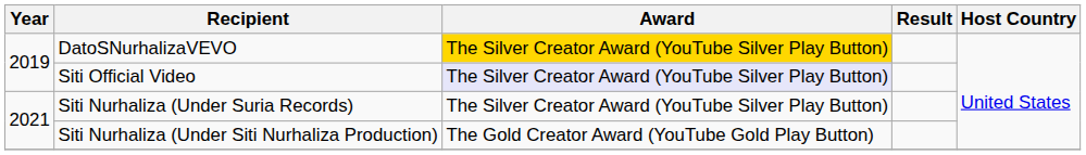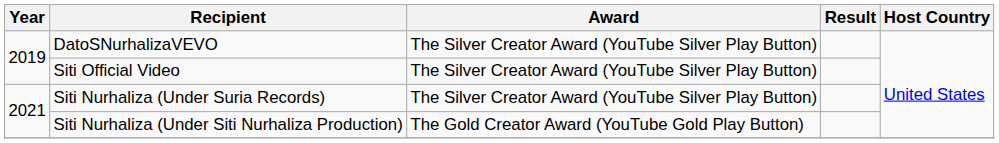 <table class="wikitable">
 <tr>
 <th>Year</th>
 <th>Recipient</th>
 <th>Award</th>
 <th>Result</th>
 <th>Host Country</th>
 </tr>
 <tr>
 <td rowspan="2">2019</td>
 <td rowspan="1">DatoSNurhalizaVEVO</td>
-<td rowspan="1" style="background: gold;">The Silver Creator Award (YouTube Silver Play Button)</td>
+<td rowspan="1">The Silver Creator Award (YouTube Silver Play Button)</td>
 <td></td>
 <td rowspan="4"> <br> <a href='#'>United States</a></td>
 </tr>
 <tr>
 <td rowspan="1">Siti Official Video</td>
-<td rowspan="1" style="background: lavender;">The Silver Creator Award (YouTube Silver Play Button)</td>
+<td rowspan="1">The Silver Creator Award (YouTube Silver Play Button)</td>
 <td></td>
 </tr>
 <tr>
 <td rowspan="2">2021</td>
 <td rowspan="1">Siti Nurhaliza (Under Suria Records)</td>
 <td rowspan="1">The Silver Creator Award (YouTube Silver Play Button)</td>
 <td></td>
 </tr>
 <tr>
 <td rowspan="1">Siti Nurhaliza (Under Siti Nurhaliza Production)</td>
 <td rowspan="1">The Gold Creator Award (YouTube Gold Play Button)</td>
 <td></td>
 </tr>
 <tr>
 </tr>
 </table>
